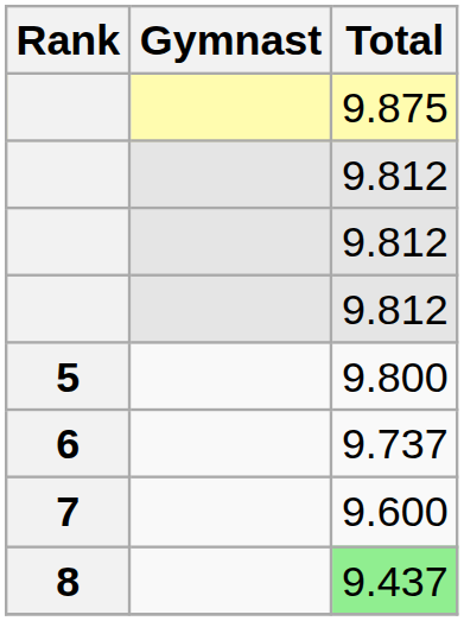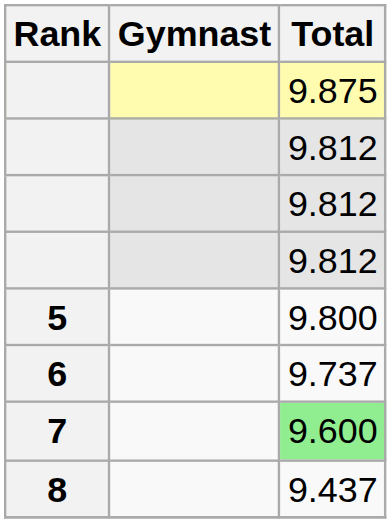 <table class="wikitable sortable" style="text-align:center; font-size:95%">
 <tr>
 <th scope=col>Rank</th>
 <th scope=col>Gymnast</th>
 <th scope=col>Total</th>
 </tr>
 <tr bgcolor=fffcaf>
 <th scope=row style="text-align:center"></th>
 <td align=left></td>
 <td>9.875</td>
 </tr>
 <tr bgcolor=e5e5e5>
 <th scope=row style="text-align:center"></th>
 <td align=left></td>
 <td>9.812</td>
 </tr>
 <tr bgcolor=e5e5e5>
 <th scope=row style="text-align:center"></th>
 <td align=left></td>
 <td>9.812</td>
 </tr>
 <tr bgcolor=e5e5e5>
 <th scope=row style="text-align:center"></th>
 <td align=left></td>
 <td>9.812</td>
 </tr>
 <tr>
 <th scope=row style="text-align:center">5</th>
 <td align=left></td>
 <td>9.800</td>
 </tr>
 <tr>
 <th scope=row style="text-align:center">6</th>
 <td align=left></td>
 <td>9.737</td>
 </tr>
 <tr>
 <th scope=row style="text-align:center">7</th>
 <td align=left></td>
-<td>9.600</td>
+<td style="background: lightgreen;">9.600</td>
 </tr>
 <tr>
 <th scope=row style="text-align:center">8</th>
 <td align=left></td>
-<td style="background: lightgreen;">9.437</td>
+<td>9.437</td>
 </tr>
 <tr>
 </tr>
 </table>
